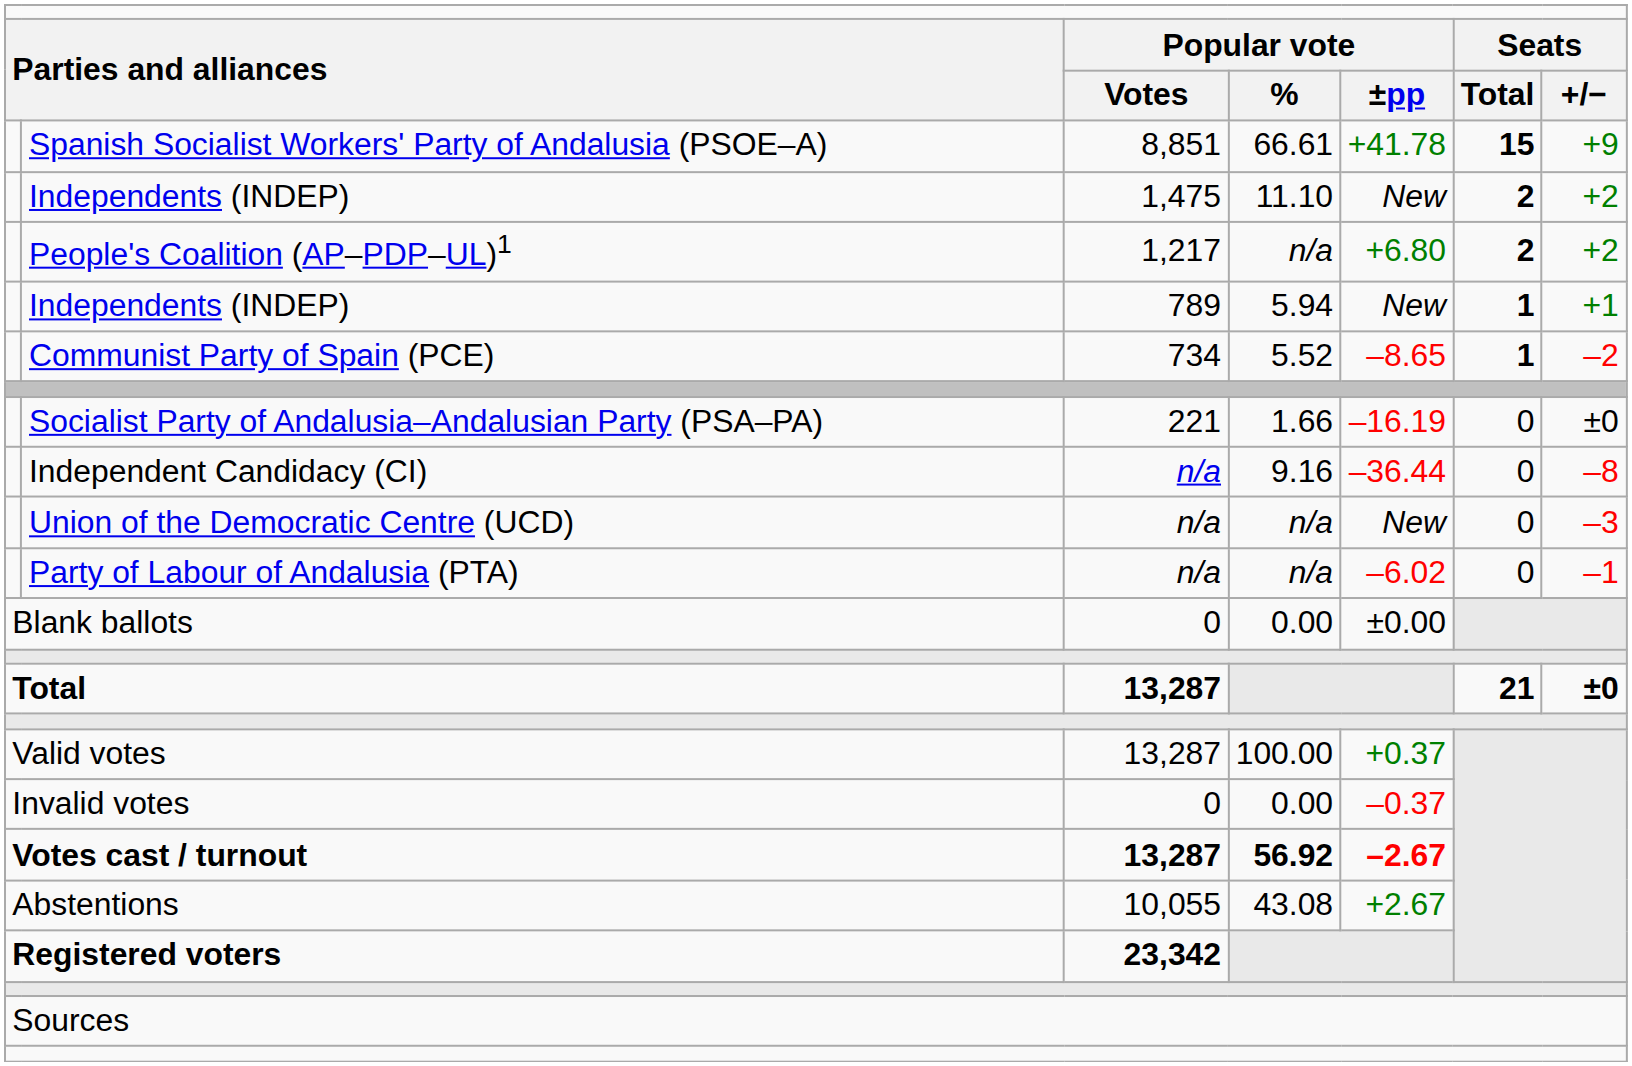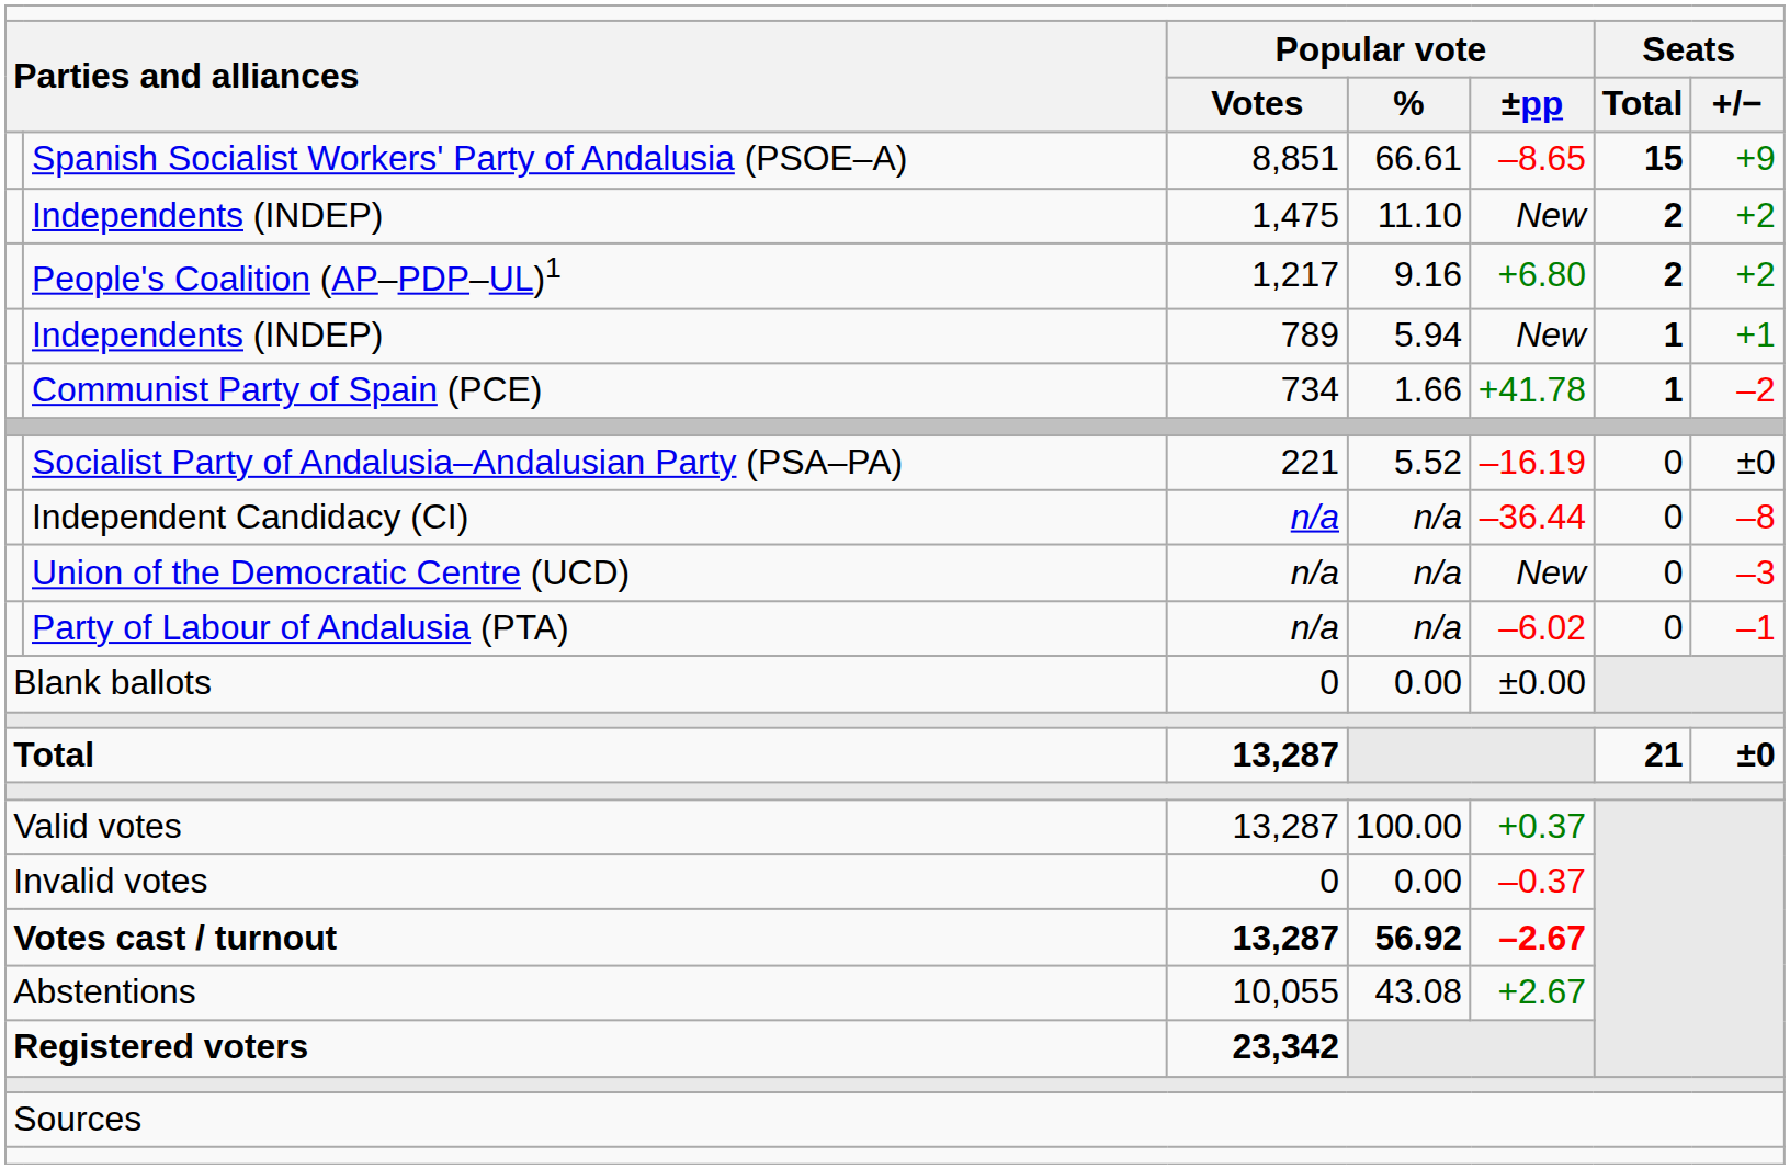 <table class="wikitable" style="text-align:right;">
 <tr>
 <td colspan="7"></td>
 </tr>
 <tr>
 <th style="text-align:left;" rowspan="2" colspan="2" width="525">Parties and alliances</th>
 <th colspan="3">Popular vote</th>
 <th colspan="2">Seats</th>
 </tr>
 <tr>
 <th width="75">Votes</th>
 <th width="45">%</th>
 <th width="45">±<a href='#'>pp</a></th>
 <th width="35">Total</th>
 <th width="35">+/−</th>
 </tr>
 <tr>
 <td width="1" style="color:inherit;background:"></td>
 <td align="left"><a href='#'>Spanish Socialist Workers' Party of Andalusia</a> (PSOE–A)</td>
 <td>8,851</td>
 <td>66.61</td>
-<td style="color:green;">+41.78</td>
+<td style="color:red;">–8.65</td>
 <td><strong>15</strong></td>
 <td style="color:green;">+9</td>
 </tr>
 <tr>
 <td style="color:inherit;background:"></td>
 <td align="left"><a href='#'>Independents</a> (INDEP)</td>
 <td>1,475</td>
 <td>11.10</td>
 <td><em>New</em></td>
 <td><strong>2</strong></td>
 <td style="color:green;">+2</td>
 </tr>
 <tr>
 <td style="color:inherit;background:"></td>
 <td align="left"><a href='#'>People's Coalition</a> (<a href='#'>AP</a>–<a href='#'>PDP</a>–<a href='#'>UL</a>)<sup>1</sup></td>
 <td>1,217</td>
-<td><em>n/a</em></td>
+<td>9.16</td>
 <td style="color:green;">+6.80</td>
 <td><strong>2</strong></td>
 <td style="color:green;">+2</td>
 </tr>
 <tr>
 <td style="color:inherit;background:"></td>
 <td align="left"><a href='#'>Independents</a> (INDEP)</td>
 <td>789</td>
 <td>5.94</td>
 <td><em>New</em></td>
 <td><strong>1</strong></td>
 <td style="color:green;">+1</td>
 </tr>
 <tr>
 <td style="color:inherit;background:"></td>
 <td align="left"><a href='#'>Communist Party of Spain</a> (PCE)</td>
 <td>734</td>
-<td>5.52</td>
-<td style="color:red;">–8.65</td>
+<td>1.66</td>
+<td style="color:green;">+41.78</td>
 <td><strong>1</strong></td>
 <td style="color:red;">–2</td>
 </tr>
 <tr>
 <td colspan="7" bgcolor="#C0C0C0"></td>
 </tr>
 <tr>
 <td style="color:inherit;background:"></td>
 <td align="left"><a href='#'>Socialist Party of Andalusia–Andalusian Party</a> (PSA–PA)</td>
 <td>221</td>
-<td>1.66</td>
+<td>5.52</td>
 <td style="color:red;">–16.19</td>
 <td>0</td>
 <td>±0</td>
 </tr>
 <tr>
 <td style="color:inherit;background:"></td>
 <td align="left">Independent Candidacy (CI)</td>
 <td><em><a href='#'>n/a</a></em></td>
-<td>9.16</td>
+<td><em>n/a</em></td>
 <td style="color:red;">–36.44</td>
 <td>0</td>
 <td style="color:red;">–8</td>
 </tr>
 <tr>
 <td style="color:inherit;background:"></td>
 <td align="left"><a href='#'>Union of the Democratic Centre</a> (UCD)</td>
 <td><em>n/a</em></td>
 <td><em>n/a</em></td>
 <td><em>New</em></td>
 <td>0</td>
 <td style="color:red;">–3</td>
 </tr>
 <tr>
 <td style="color:inherit;background:"></td>
 <td align="left"><a href='#'>Party of Labour of Andalusia</a> (PTA)</td>
 <td><em>n/a</em></td>
 <td><em>n/a</em></td>
 <td style="color:red;">–6.02</td>
 <td>0</td>
 <td style="color:red;">–1</td>
 </tr>
 <tr>
 <td align="left" colspan="2">Blank ballots</td>
 <td>0</td>
 <td>0.00</td>
 <td>±0.00</td>
 <td bgcolor="#E9E9E9" colspan="2"></td>
 </tr>
 <tr>
 <td colspan="7" bgcolor="#E9E9E9"></td>
 </tr>
 <tr style="font-weight:bold;">
 <td align="left" colspan="2">Total</td>
 <td>13,287</td>
 <td bgcolor="#E9E9E9" colspan="2"></td>
 <td>21</td>
 <td>±0</td>
 </tr>
 <tr>
 <td colspan="7" bgcolor="#E9E9E9"></td>
 </tr>
 <tr>
 <td align="left" colspan="2">Valid votes</td>
 <td>13,287</td>
 <td>100.00</td>
 <td style="color:green;">+0.37</td>
 <td bgcolor="#E9E9E9" colspan="2" rowspan="5"></td>
 </tr>
 <tr>
 <td align="left" colspan="2">Invalid votes</td>
 <td>0</td>
 <td>0.00</td>
 <td style="color:red;">–0.37</td>
 </tr>
 <tr style="font-weight:bold;">
 <td align="left" colspan="2">Votes cast / turnout</td>
 <td>13,287</td>
 <td>56.92</td>
 <td style="color:red;">–2.67</td>
 </tr>
 <tr>
 <td align="left" colspan="2">Abstentions</td>
 <td>10,055</td>
 <td>43.08</td>
 <td style="color:green;">+2.67</td>
 </tr>
 <tr style="font-weight:bold;">
 <td align="left" colspan="2">Registered voters</td>
 <td>23,342</td>
 <td bgcolor="#E9E9E9" colspan="2"></td>
 </tr>
 <tr>
 <td colspan="7" bgcolor="#E9E9E9"></td>
 </tr>
 <tr>
 <td align="left" colspan="7">Sources</td>
 </tr>
 <tr>
 <td colspan="7" style="text-align:left; max-width:790px;"></td>
 </tr>
 </table>
